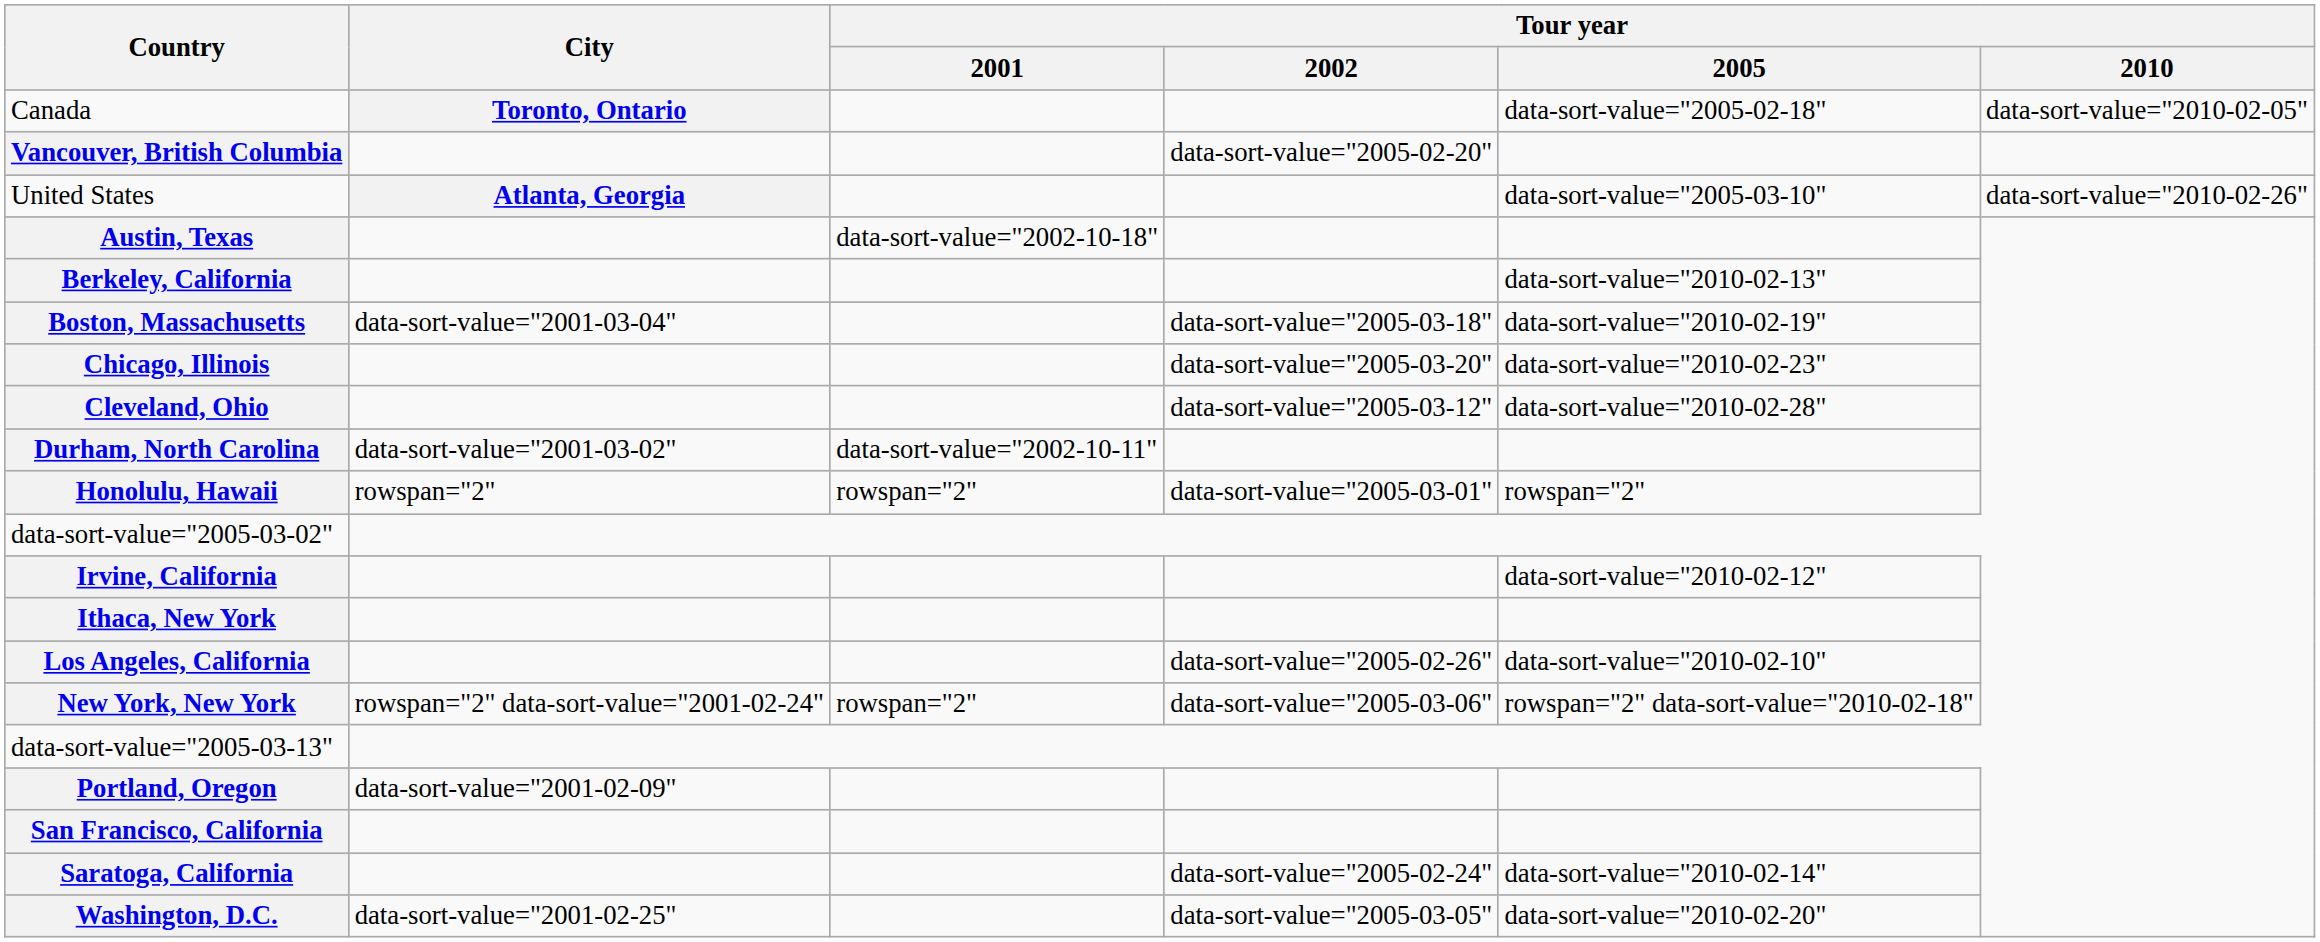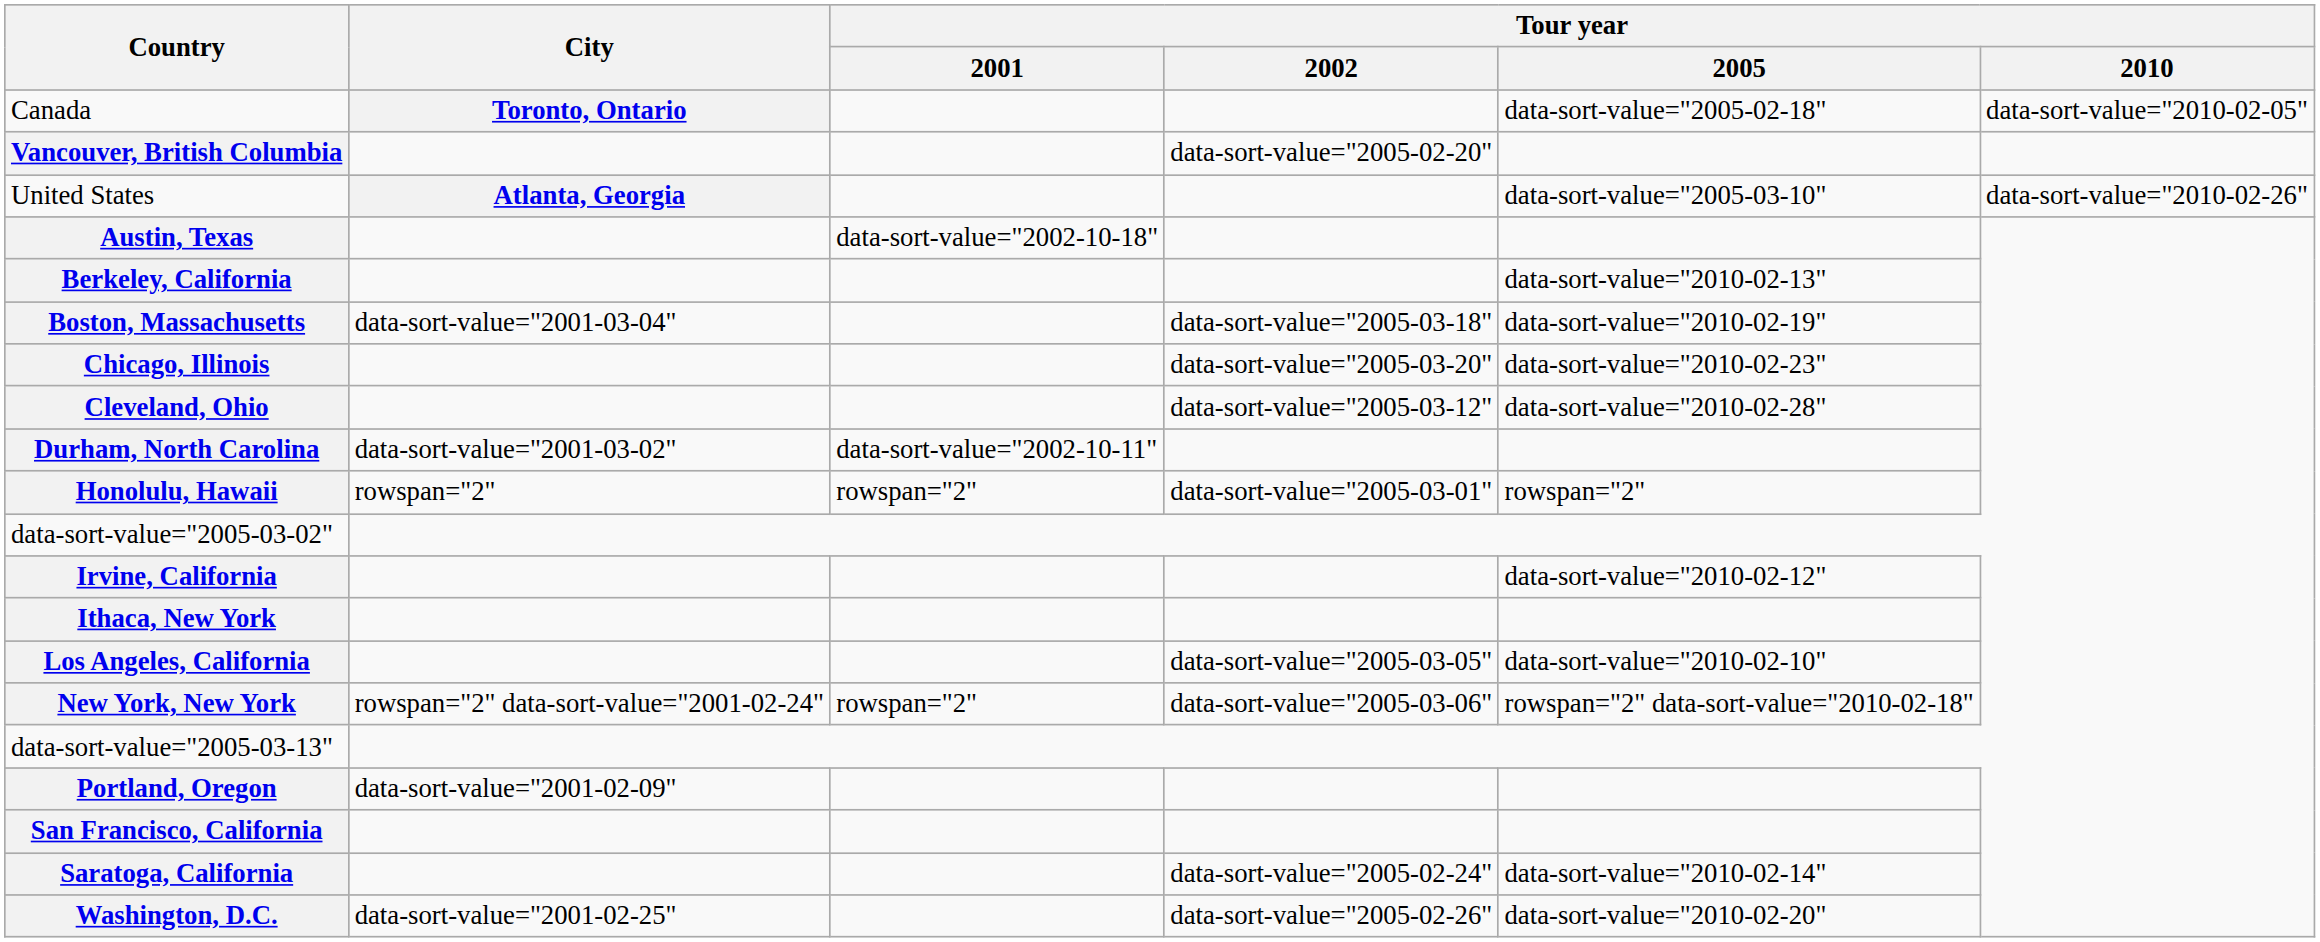 <table class="wikitable sortable">
 <tr>
 <th scope="col" rowspan="2">Country</th>
 <th scope="col" rowspan="2">City</th>
 <th scope="col" colspan="4">Tour year</th>
 </tr>
 <tr>
 <th scope="col">2001</th>
 <th scope="col">2002</th>
 <th scope="col">2005</th>
 <th scope="col">2010</th>
 </tr>
 <tr>
 <td>Canada</td>
 <th><a href='#'>Toronto, Ontario</a></th>
 <td></td>
 <td></td>
 <td>data-sort-value="2005-02-18" </td>
 <td>data-sort-value="2010-02-05" </td>
 </tr>
 <tr>
 <th><a href='#'>Vancouver, British Columbia</a></th>
 <td></td>
 <td></td>
 <td>data-sort-value="2005-02-20" </td>
 <td></td>
 </tr>
 <tr>
 <td>United States</td>
 <th><a href='#'>Atlanta, Georgia</a></th>
 <td></td>
 <td></td>
 <td>data-sort-value="2005-03-10" </td>
 <td>data-sort-value="2010-02-26" </td>
 </tr>
 <tr>
 <th><a href='#'>Austin, Texas</a></th>
 <td></td>
 <td>data-sort-value="2002-10-18" </td>
 <td></td>
 <td></td>
 </tr>
 <tr>
 <th><a href='#'>Berkeley, California</a></th>
 <td></td>
 <td></td>
 <td></td>
 <td>data-sort-value="2010-02-13" </td>
 </tr>
 <tr>
 <th><a href='#'>Boston, Massachusetts</a></th>
 <td>data-sort-value="2001-03-04" </td>
 <td></td>
 <td>data-sort-value="2005-03-18" </td>
 <td>data-sort-value="2010-02-19" </td>
 </tr>
 <tr>
 <th><a href='#'>Chicago, Illinois</a></th>
 <td></td>
 <td></td>
 <td>data-sort-value="2005-03-20" </td>
 <td>data-sort-value="2010-02-23" </td>
 </tr>
 <tr>
 <th><a href='#'>Cleveland, Ohio</a></th>
 <td></td>
 <td></td>
 <td>data-sort-value="2005-03-12" </td>
 <td>data-sort-value="2010-02-28" </td>
 </tr>
 <tr>
 <th><a href='#'>Durham, North Carolina</a></th>
 <td>data-sort-value="2001-03-02" </td>
 <td>data-sort-value="2002-10-11" </td>
 <td></td>
 <td></td>
 </tr>
 <tr>
 <th><a href='#'>Honolulu, Hawaii</a></th>
 <td>rowspan="2" </td>
 <td>rowspan="2" </td>
 <td>data-sort-value="2005-03-01" </td>
 <td>rowspan="2" </td>
 </tr>
 <tr>
 <td>data-sort-value="2005-03-02" </td>
 </tr>
 <tr>
 <th><a href='#'>Irvine, California</a></th>
 <td></td>
 <td></td>
 <td></td>
 <td>data-sort-value="2010-02-12" </td>
 </tr>
 <tr>
 <th><a href='#'>Ithaca, New York</a></th>
 <td></td>
 <td></td>
 <td></td>
 <td></td>
 </tr>
 <tr>
 <th><a href='#'>Los Angeles, California</a></th>
 <td></td>
 <td></td>
-<td>data-sort-value="2005-02-26" </td>
+<td>data-sort-value="2005-03-05" </td>
 <td>data-sort-value="2010-02-10" </td>
 </tr>
 <tr>
 <th><a href='#'>New York, New York</a></th>
 <td>rowspan="2" data-sort-value="2001-02-24" </td>
 <td>rowspan="2" </td>
 <td>data-sort-value="2005-03-06" </td>
 <td>rowspan="2" data-sort-value="2010-02-18" </td>
 </tr>
 <tr>
 <td>data-sort-value="2005-03-13" </td>
 </tr>
 <tr>
 <th><a href='#'>Portland, Oregon</a></th>
 <td>data-sort-value="2001-02-09" </td>
 <td></td>
 <td></td>
 <td></td>
 </tr>
 <tr>
 <th><a href='#'>San Francisco, California</a></th>
 <td></td>
 <td></td>
 <td></td>
 <td></td>
 </tr>
 <tr>
 <th><a href='#'>Saratoga, California</a></th>
 <td></td>
 <td></td>
 <td>data-sort-value="2005-02-24" </td>
 <td>data-sort-value="2010-02-14" </td>
 </tr>
 <tr>
 <th><a href='#'>Washington, D.C.</a></th>
 <td>data-sort-value="2001-02-25" </td>
 <td></td>
-<td>data-sort-value="2005-03-05" </td>
+<td>data-sort-value="2005-02-26" </td>
 <td>data-sort-value="2010-02-20" </td>
 </tr>
 </table>
